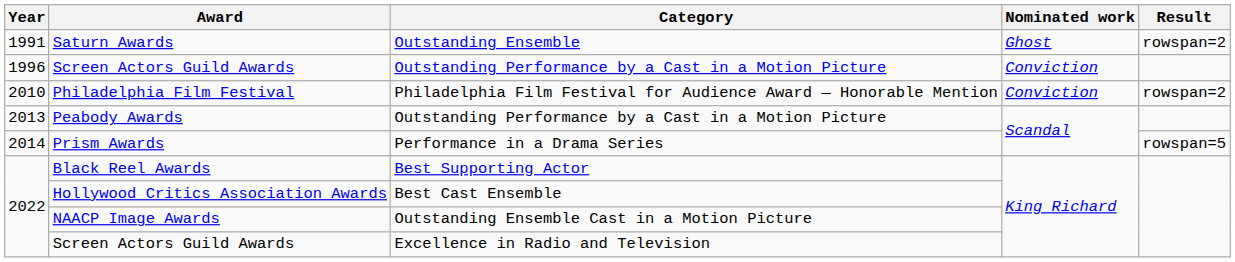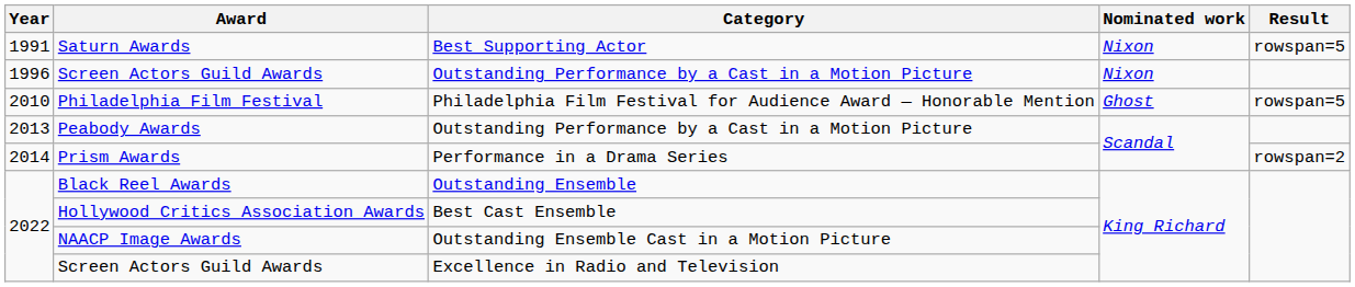 <table class="wikitable sortable">
 <tr>
 <th>Year</th>
 <th>Award</th>
 <th>Category</th>
 <th>Nominated work</th>
 <th>Result</th>
 </tr>
 <tr>
 <td>1991</td>
 <td><a href='#'>Saturn Awards</a></td>
-<td><a href='#'>Outstanding Ensemble</a></td>
-<td><a href='#'><em>Ghost</em></a></td>
-<td>rowspan=2 </td>
+<td><a href='#'>Best Supporting Actor</a></td>
+<td><a href='#'><em>Nixon</em></a></td>
+<td>rowspan=5  </td>
 </tr>
 <tr>
 <td>1996</td>
 <td><a href='#'>Screen Actors Guild Awards</a></td>
 <td><a href='#'>Outstanding Performance by a Cast in a Motion Picture</a></td>
-<td><em><a href='#'>Conviction</a></em></td>
+<td><a href='#'><em>Nixon</em></a></td>
 </tr>
 <tr>
 <td>2010</td>
 <td><a href='#'>Philadelphia Film Festival</a></td>
 <td>Philadelphia Film Festival for Audience Award — Honorable Mention</td>
-<td><em><a href='#'>Conviction</a></em></td>
-<td>rowspan=2  </td>
+<td><a href='#'><em>Ghost</em></a></td>
+<td>rowspan=5  </td>
 </tr>
 <tr>
 <td>2013</td>
 <td><a href='#'>Peabody Awards</a></td>
 <td>Outstanding Performance by a Cast in a Motion Picture</td>
 <td rowspan=2><em><a href='#'>Scandal</a></em></td>
 </tr>
 <tr>
 <td>2014</td>
 <td><a href='#'>Prism Awards</a></td>
 <td>Performance in a Drama Series</td>
-<td>rowspan=5  </td>
+<td>rowspan=2 </td>
 </tr>
 <tr>
 <td rowspan=4>2022</td>
 <td><a href='#'>Black Reel Awards</a></td>
-<td><a href='#'>Best Supporting Actor</a></td>
+<td><a href='#'>Outstanding Ensemble</a></td>
 <td rowspan=4><a href='#'><em>King Richard</em></a></td>
 </tr>
 <tr>
 <td><a href='#'>Hollywood Critics Association Awards</a></td>
 <td>Best Cast Ensemble</td>
 </tr>
 <tr>
 <td><a href='#'>NAACP Image Awards</a></td>
 <td>Outstanding Ensemble Cast in a Motion Picture</td>
 </tr>
 <tr>
 <td>Screen Actors Guild Awards</td>
 <td>Excellence in Radio and Television</td>
 </tr>
 </table>
